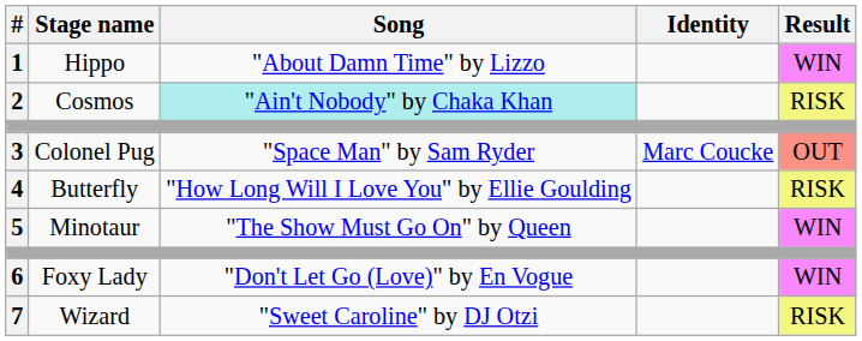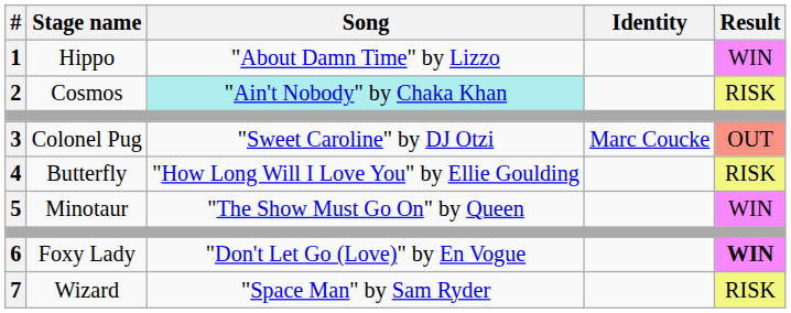 <table class="wikitable plainrowheaders" style="text-align: center;">
 <tr>
 <th>#</th>
 <th>Stage name</th>
 <th>Song</th>
 <th>Identity</th>
 <th>Result</th>
 </tr>
 <tr>
 <th>1</th>
 <td>Hippo</td>
 <td>"<a href='#'>About Damn Time</a>" by <a href='#'>Lizzo</a></td>
 <td></td>
 <td bgcolor=#F888FD>WIN</td>
 </tr>
 <tr>
 <th>2</th>
 <td>Cosmos</td>
 <td style="background: paleturquoise;">"<a href='#'>Ain't Nobody</a>" by <a href='#'>Chaka Khan</a></td>
 <td></td>
 <td bgcolor=#F3F781>RISK</td>
 </tr>
 <tr>
 <td colspan="5" style="background:darkgray"></td>
 </tr>
 <tr>
 <th>3</th>
 <td>Colonel Pug</td>
-<td>"<a href='#'>Space Man</a>" by <a href='#'>Sam Ryder</a></td>
+<td>"<a href='#'>Sweet Caroline</a>" by <a href='#'>DJ Otzi</a></td>
 <td><a href='#'>Marc Coucke</a></td>
 <td bgcolor="#F99185">OUT</td>
 </tr>
 <tr>
 <th>4</th>
 <td>Butterfly</td>
 <td>"<a href='#'>How Long Will I Love You</a>" by <a href='#'>Ellie Goulding</a></td>
 <td></td>
 <td bgcolor=#F3F781>RISK</td>
 </tr>
 <tr>
 <th>5</th>
 <td>Minotaur</td>
 <td>"<a href='#'>The Show Must Go On</a>" by <a href='#'>Queen</a></td>
 <td></td>
 <td bgcolor=#F888FD>WIN</td>
 </tr>
 <tr>
 <td colspan="5" style="background:darkgray"></td>
 </tr>
 <tr>
 <th>6</th>
 <td>Foxy Lady</td>
 <td>"<a href='#'>Don't Let Go (Love)</a>" by <a href='#'>En Vogue</a></td>
 <td></td>
-<td bgcolor=#F888FD>WIN</td>
+<td bgcolor=#F888FD><strong>WIN</strong></td>
 </tr>
 <tr>
 <th>7</th>
 <td>Wizard</td>
-<td>"<a href='#'>Sweet Caroline</a>" by <a href='#'>DJ Otzi</a></td>
+<td>"<a href='#'>Space Man</a>" by <a href='#'>Sam Ryder</a></td>
 <td></td>
 <td bgcolor=#F3F781>RISK</td>
 </tr>
 </table>
